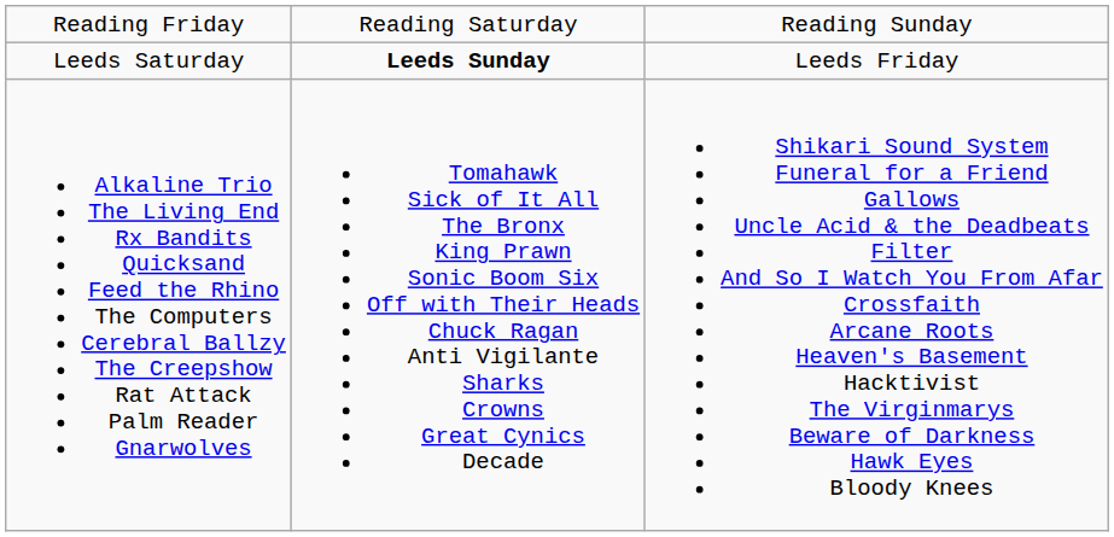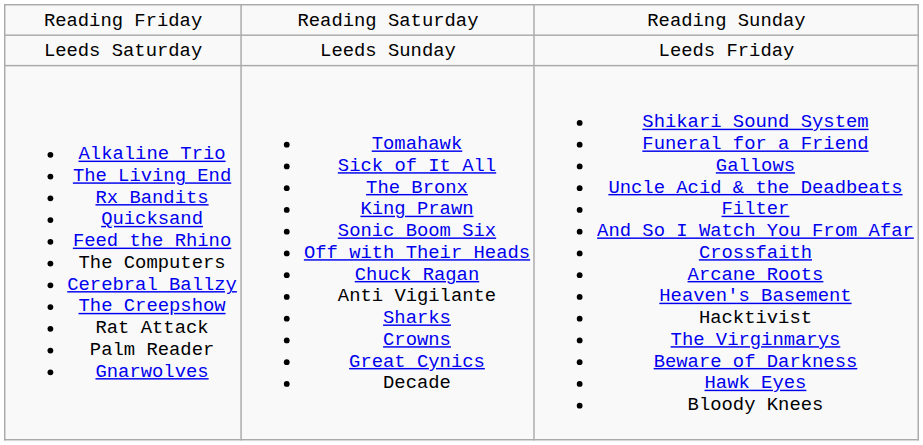 <table class="wikitable" style="text-align:center;">
 <tr>
 <td>Reading Friday</td>
 <td>Reading Saturday</td>
 <td>Reading Sunday</td>
 </tr>
 <tr>
 <td>Leeds Saturday</td>
-<td><strong>Leeds Sunday</strong></td>
+<td>Leeds Sunday</td>
 <td>Leeds Friday</td>
 </tr>
 <tr>
 <td><br><ul><li><a href='#'>Alkaline Trio</a></li><li><a href='#'>The Living End</a></li><li><a href='#'>Rx Bandits</a></li><li><a href='#'>Quicksand</a></li><li><a href='#'>Feed the Rhino</a></li><li>The Computers</li><li><a href='#'>Cerebral Ballzy</a></li><li><a href='#'>The Creepshow</a></li><li>Rat Attack</li><li>Palm Reader</li><li><a href='#'>Gnarwolves</a></li></ul></td>
 <td><br><ul><li><a href='#'>Tomahawk</a></li><li><a href='#'>Sick of It All</a></li><li><a href='#'>The Bronx</a></li><li><a href='#'>King Prawn</a></li><li><a href='#'>Sonic Boom Six</a></li><li><a href='#'>Off with Their Heads</a></li><li><a href='#'>Chuck Ragan</a></li><li>Anti Vigilante</li><li><a href='#'>Sharks</a></li><li><a href='#'>Crowns</a></li><li><a href='#'>Great Cynics</a></li><li>Decade</li></ul></td>
 <td><br><ul><li><a href='#'>Shikari Sound System</a></li><li><a href='#'>Funeral for a Friend</a></li><li><a href='#'>Gallows</a></li><li><a href='#'>Uncle Acid & the Deadbeats</a></li><li><a href='#'>Filter</a></li><li><a href='#'>And So I Watch You From Afar</a></li><li><a href='#'>Crossfaith</a></li><li><a href='#'>Arcane Roots</a></li><li><a href='#'>Heaven's Basement</a></li><li>Hacktivist</li><li><a href='#'>The Virginmarys</a></li><li><a href='#'>Beware of Darkness</a></li><li><a href='#'>Hawk Eyes</a></li><li>Bloody Knees</li></ul></td>
 </tr>
 </table>
